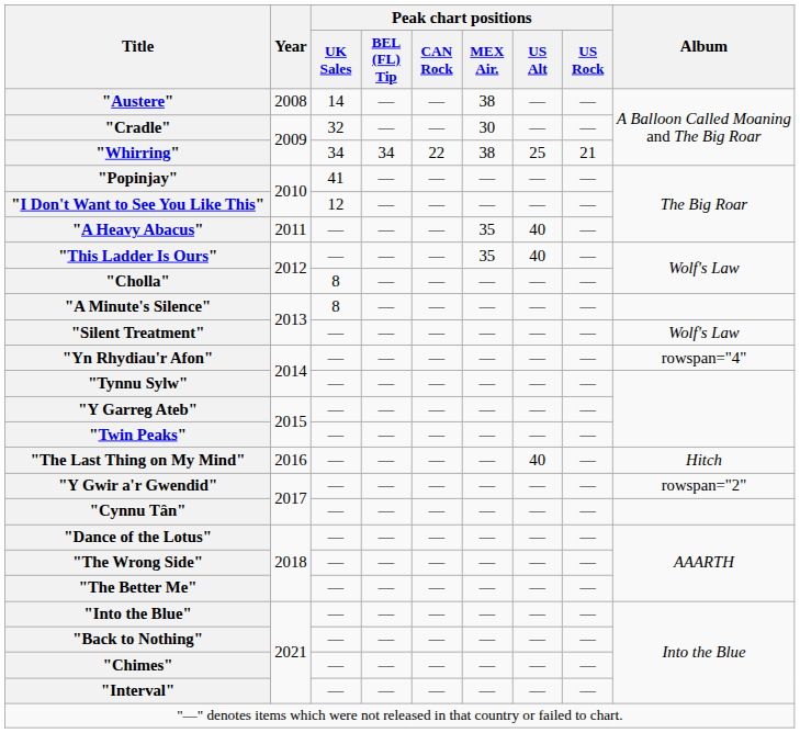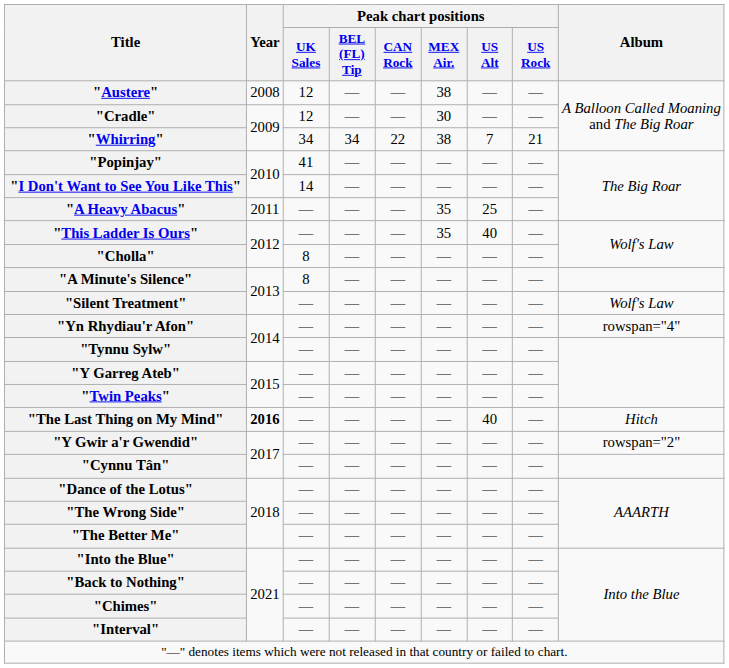 <table class="wikitable plainrowheaders" style="text-align:center;">
 <tr>
 <th scope="col" rowspan="2" style="width:16em;">Title</th>
 <th scope="col" rowspan="2">Year</th>
 <th scope="col" colspan="6">Peak chart positions</th>
 <th scope="col" rowspan="2">Album</th>
 </tr>
 <tr>
 <th scope="col" style="width:3em;font-size:90%;"><a href='#'>UK<br>Sales</a><br></th>
 <th scope="col" style="width:3em;font-size:90%;"><a href='#'>BEL<br>(FL)<br>Tip</a><br></th>
 <th scope="col" style="width:3em;font-size:90%;"><a href='#'>CAN<br>Rock</a><br></th>
 <th scope="col" style="width:3em;font-size:90%;"><a href='#'>MEX<br>Air.</a><br></th>
 <th scope="col" style="width:3em;font-size:90%;"><a href='#'>US<br>Alt</a><br></th>
 <th scope="col" style="width:3em;font-size:90%;"><a href='#'>US<br>Rock</a><br></th>
 </tr>
 <tr>
 <th scope="row">"<a href='#'>Austere</a>"</th>
 <td>2008</td>
-<td>14</td>
+<td>12</td>
 <td>—</td>
 <td>—</td>
 <td>38</td>
 <td>—</td>
 <td>—</td>
 <td rowspan="3"><em>A Balloon Called Moaning</em><br>and <em>The Big Roar</em></td>
 </tr>
 <tr>
 <th scope="row">"Cradle"</th>
 <td rowspan="2">2009</td>
-<td>32</td>
+<td>12</td>
 <td>—</td>
 <td>—</td>
 <td>30</td>
 <td>—</td>
 <td>—</td>
 </tr>
 <tr>
 <th scope="row">"<a href='#'>Whirring</a>"</th>
 <td>34</td>
 <td>34</td>
 <td>22</td>
 <td>38</td>
-<td>25</td>
+<td>7</td>
 <td>21</td>
 </tr>
 <tr>
 <th scope="row">"Popinjay"</th>
 <td rowspan="2">2010</td>
 <td>41</td>
 <td>—</td>
 <td>—</td>
 <td>—</td>
 <td>—</td>
 <td>—</td>
 <td rowspan="3"><em>The Big Roar</em></td>
 </tr>
 <tr>
 <th scope="row">"<a href='#'>I Don't Want to See You Like This</a>"</th>
-<td>12</td>
+<td>14</td>
 <td>—</td>
 <td>—</td>
 <td>—</td>
 <td>—</td>
 <td>—</td>
 </tr>
 <tr>
 <th scope="row">"<a href='#'>A Heavy Abacus</a>"</th>
 <td>2011</td>
 <td>—</td>
 <td>—</td>
 <td>—</td>
 <td>35</td>
-<td>40</td>
+<td>25</td>
 <td>—</td>
 </tr>
 <tr>
 <th scope="row">"<a href='#'>This Ladder Is Ours</a>"</th>
 <td rowspan="2">2012</td>
 <td>—</td>
 <td>—</td>
 <td>—</td>
 <td>35</td>
 <td>40</td>
 <td>—</td>
 <td rowspan="2"><em>Wolf's Law</em></td>
 </tr>
 <tr>
 <th scope="row">"Cholla"</th>
 <td>8</td>
 <td>—</td>
 <td>—</td>
 <td>—</td>
 <td>—</td>
 <td>—</td>
 </tr>
 <tr>
 <th scope="row">"A Minute's Silence"</th>
 <td rowspan="2">2013</td>
 <td>8</td>
 <td>—</td>
 <td>—</td>
 <td>—</td>
 <td>—</td>
 <td>—</td>
 <td></td>
 </tr>
 <tr>
 <th scope="row">"Silent Treatment"</th>
 <td>—</td>
 <td>—</td>
 <td>—</td>
 <td>—</td>
 <td>—</td>
 <td>—</td>
 <td><em>Wolf's Law</em></td>
 </tr>
 <tr>
 <th scope="row">"Yn Rhydiau'r Afon"</th>
 <td rowspan="2">2014</td>
 <td>—</td>
 <td>—</td>
 <td>—</td>
 <td>—</td>
 <td>—</td>
 <td>—</td>
 <td>rowspan="4" </td>
 </tr>
 <tr>
 <th scope="row">"Tynnu Sylw"</th>
 <td>—</td>
 <td>—</td>
 <td>—</td>
 <td>—</td>
 <td>—</td>
 <td>—</td>
 </tr>
 <tr>
 <th scope="row">"Y Garreg Ateb"</th>
 <td rowspan="2">2015</td>
 <td>—</td>
 <td>—</td>
 <td>—</td>
 <td>—</td>
 <td>—</td>
 <td>—</td>
 </tr>
 <tr>
 <th scope="row">"<a href='#'>Twin Peaks</a>"</th>
 <td>—</td>
 <td>—</td>
 <td>—</td>
 <td>—</td>
 <td>—</td>
 <td>—</td>
 </tr>
 <tr>
 <th scope="row">"The Last Thing on My Mind"</th>
-<td>2016</td>
+<td><strong>2016</strong></td>
 <td>—</td>
 <td>—</td>
 <td>—</td>
 <td>—</td>
 <td>40</td>
 <td>—</td>
 <td><em>Hitch</em></td>
 </tr>
 <tr>
 <th scope="row">"Y Gwir a'r Gwendid"</th>
 <td rowspan="2">2017</td>
 <td>—</td>
 <td>—</td>
 <td>—</td>
 <td>—</td>
 <td>—</td>
 <td>—</td>
 <td>rowspan="2" </td>
 </tr>
 <tr>
 <th scope="row">"Cynnu Tân"</th>
 <td>—</td>
 <td>—</td>
 <td>—</td>
 <td>—</td>
 <td>—</td>
 <td>—</td>
 </tr>
 <tr>
 <th scope="row">"Dance of the Lotus"</th>
 <td rowspan="3">2018</td>
 <td>—</td>
 <td>—</td>
 <td>—</td>
 <td>—</td>
 <td>—</td>
 <td>—</td>
 <td rowspan="3"><em>AAARTH</em></td>
 </tr>
 <tr>
 <th scope="row">"The Wrong Side"</th>
 <td>—</td>
 <td>—</td>
 <td>—</td>
 <td>—</td>
 <td>—</td>
 <td>—</td>
 </tr>
 <tr>
 <th scope="row">"The Better Me"</th>
 <td>—</td>
 <td>—</td>
 <td>—</td>
 <td>—</td>
 <td>—</td>
 <td>—</td>
 </tr>
 <tr>
 <th scope="row">"Into the Blue"</th>
 <td rowspan="4">2021</td>
 <td>—</td>
 <td>—</td>
 <td>—</td>
 <td>—</td>
 <td>—</td>
 <td>—</td>
 <td rowspan="4"><em>Into the Blue</em></td>
 </tr>
 <tr>
 <th scope="row">"Back to Nothing"</th>
 <td>—</td>
 <td>—</td>
 <td>—</td>
 <td>—</td>
 <td>—</td>
 <td>—</td>
 </tr>
 <tr>
 <th scope="row">"Chimes"</th>
 <td>—</td>
 <td>—</td>
 <td>—</td>
 <td>—</td>
 <td>—</td>
 <td>—</td>
 </tr>
 <tr>
 <th scope="row">"Interval"</th>
 <td>—</td>
 <td>—</td>
 <td>—</td>
 <td>—</td>
 <td>—</td>
 <td>—</td>
 </tr>
 <tr>
 <td colspan="10" style="font-size:90%">"—" denotes items which were not released in that country or failed to chart.</td>
 </tr>
 </table>
